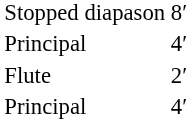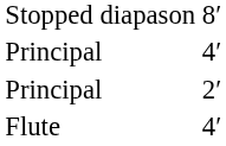 <table border="0">
 <tr>
 <td>Stopped diapason</td>
 <td>8′</td>
 </tr>
 <tr>
 <td>Principal</td>
 <td>4′</td>
 </tr>
 <tr>
-<td>Flute</td>
+<td>Principal</td>
 <td>2′</td>
 </tr>
 <tr>
-<td>Principal</td>
+<td>Flute</td>
 <td>4′</td>
 </tr>
 </table>
